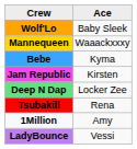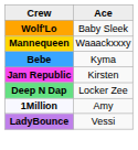 <table class="wikitable" style="text-align:center; font-size:90%">
 <tr>
 <th style="background:#EDEDED">Crew</th>
 <th style="background:#EDEDED">Ace</th>
 </tr>
 <tr>
 <td style="background:orange"><strong>Wolf'Lo</strong></td>
 <td>Baby Sleek</td>
 </tr>
 <tr>
 <td style="background:gold"><strong>Mannequeen</strong></td>
 <td>Waaackxxxy</td>
 </tr>
 <tr>
 <td style="background:#3AA5FF "><strong>Bebe</strong></td>
 <td>Kyma</td>
 </tr>
 <tr>
 <td style="background:#F646EE "><strong>Jam Republic</strong></td>
 <td>Kirsten</td>
 </tr>
 <tr>
 <td style="background:#64E082"><strong>Deep N Dap</strong></td>
 <td>Locker Zee</td>
 </tr>
 <tr>
-<td style="background:red"><strong>Tsubakill</strong></td>
-<td>Rena</td>
-</tr>
-<tr>
 <td style="background:#F8F8FF "><strong>1Million</strong></td>
 <td>Amy</td>
 </tr>
 <tr>
 <td style="background:#BF7FEB "><strong>LadyBounce</strong></td>
 <td>Vessi</td>
 </tr>
 </table>
